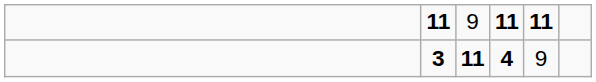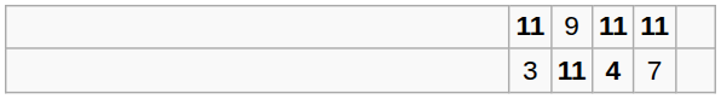 <table class="wikitable">
 <tr>
 <td style="width:18em"><strong> </strong></td>
 <td align=center style="width:1em"><strong>11</strong></td>
 <td align=center style="width:1em">9</td>
 <td align=center style="width:1em"><strong>11</strong></td>
 <td align=center style="width:1em"><strong>11</strong></td>
 <td align=center style="width:1em"></td>
 </tr>
 <tr>
 <td style="width:18em"></td>
-<td align=center style="width:1em"><strong>3</strong></td>
+<td align=center style="width:1em">3</td>
 <td align=center style="width:1em"><strong>11</strong></td>
 <td align=center style="width:1em"><strong>4</strong></td>
-<td align=center style="width:1em">9</td>
+<td align=center style="width:1em">7</td>
 <td align=center style="width:1em"></td>
 </tr>
 </table>
